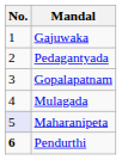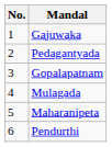 <table class="wikitable">
 <tr>
 <th>No.</th>
 <th>Mandal</th>
 </tr>
 <tr>
 <td>1</td>
 <td><a href='#'>Gajuwaka</a></td>
 </tr>
 <tr>
 <td>2</td>
 <td><a href='#'>Pedagantyada</a></td>
 </tr>
 <tr>
 <td>3</td>
 <td><a href='#'>Gopalapatnam</a></td>
 </tr>
 <tr>
 <td>4</td>
 <td><a href='#'>Mulagada</a></td>
 </tr>
 <tr>
-<td style="background: lavender;">5</td>
+<td>5</td>
 <td><a href='#'>Maharanipeta</a></td>
 </tr>
 <tr>
-<td><strong>6</strong></td>
+<td>6</td>
 <td><a href='#'>Pendurthi</a></td>
 </tr>
 </table>
